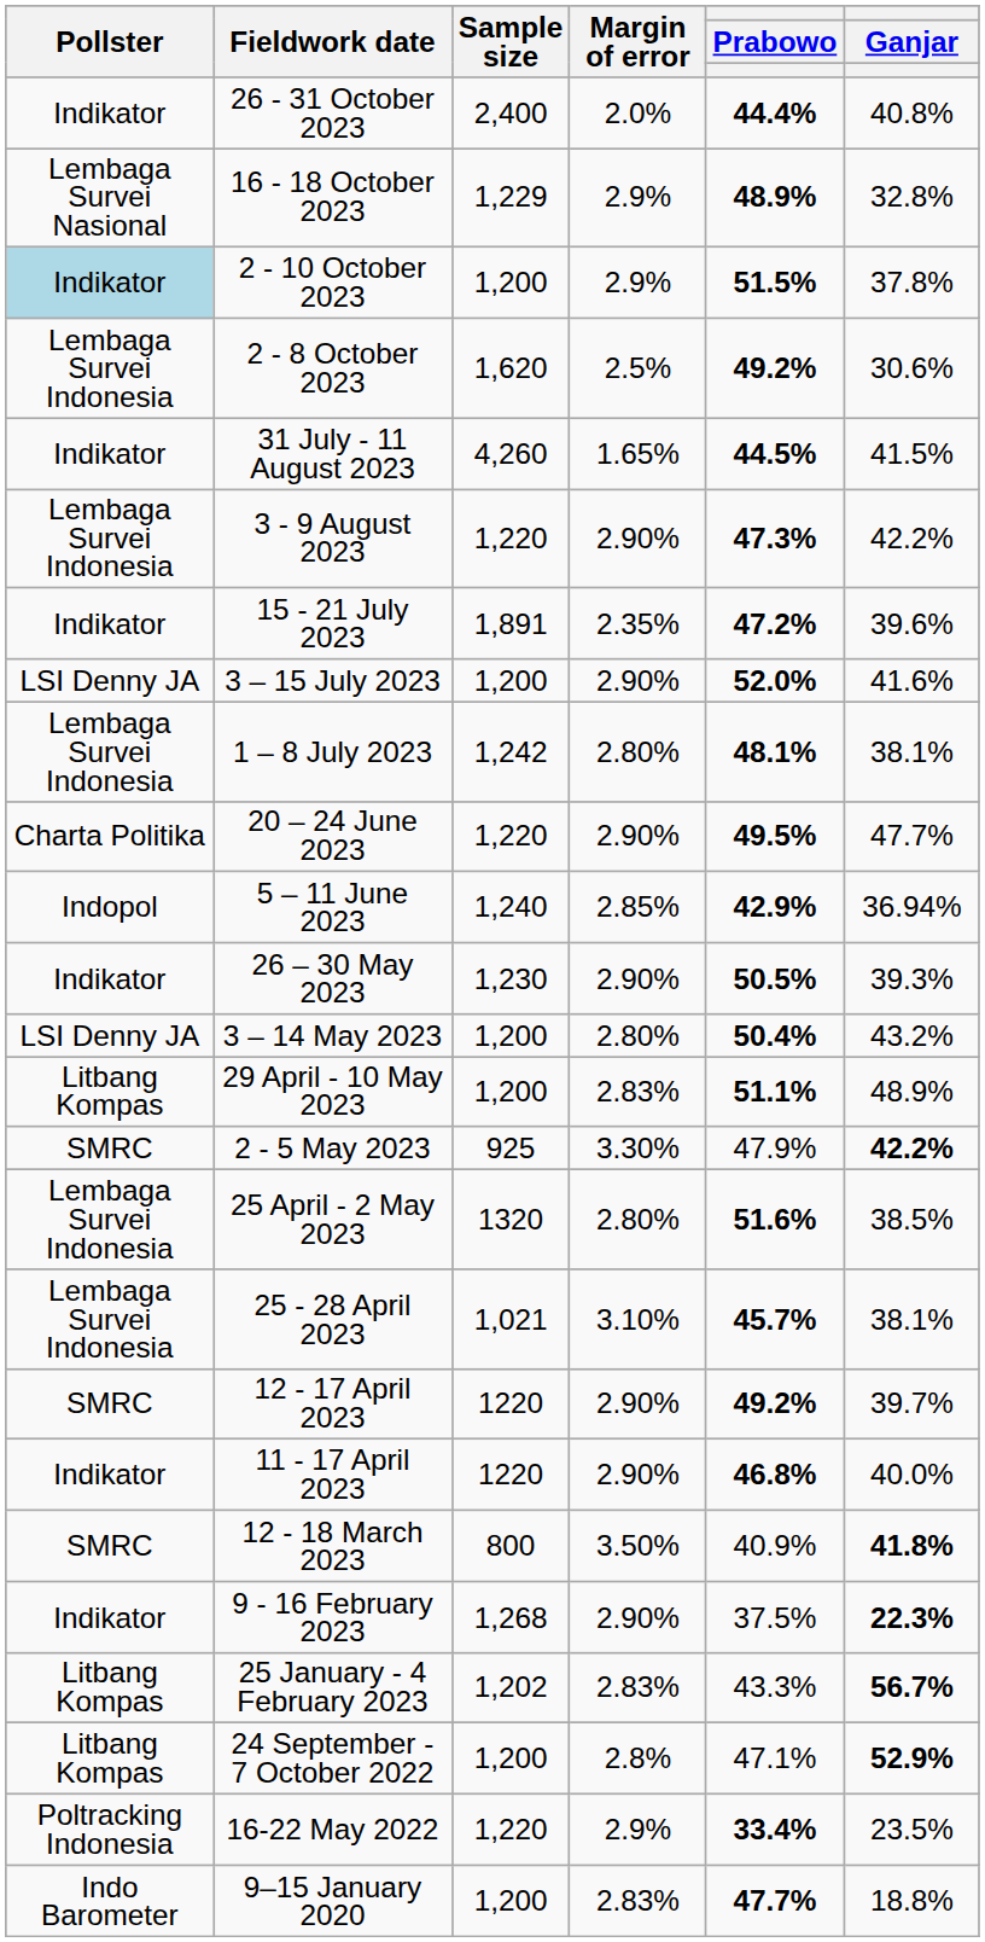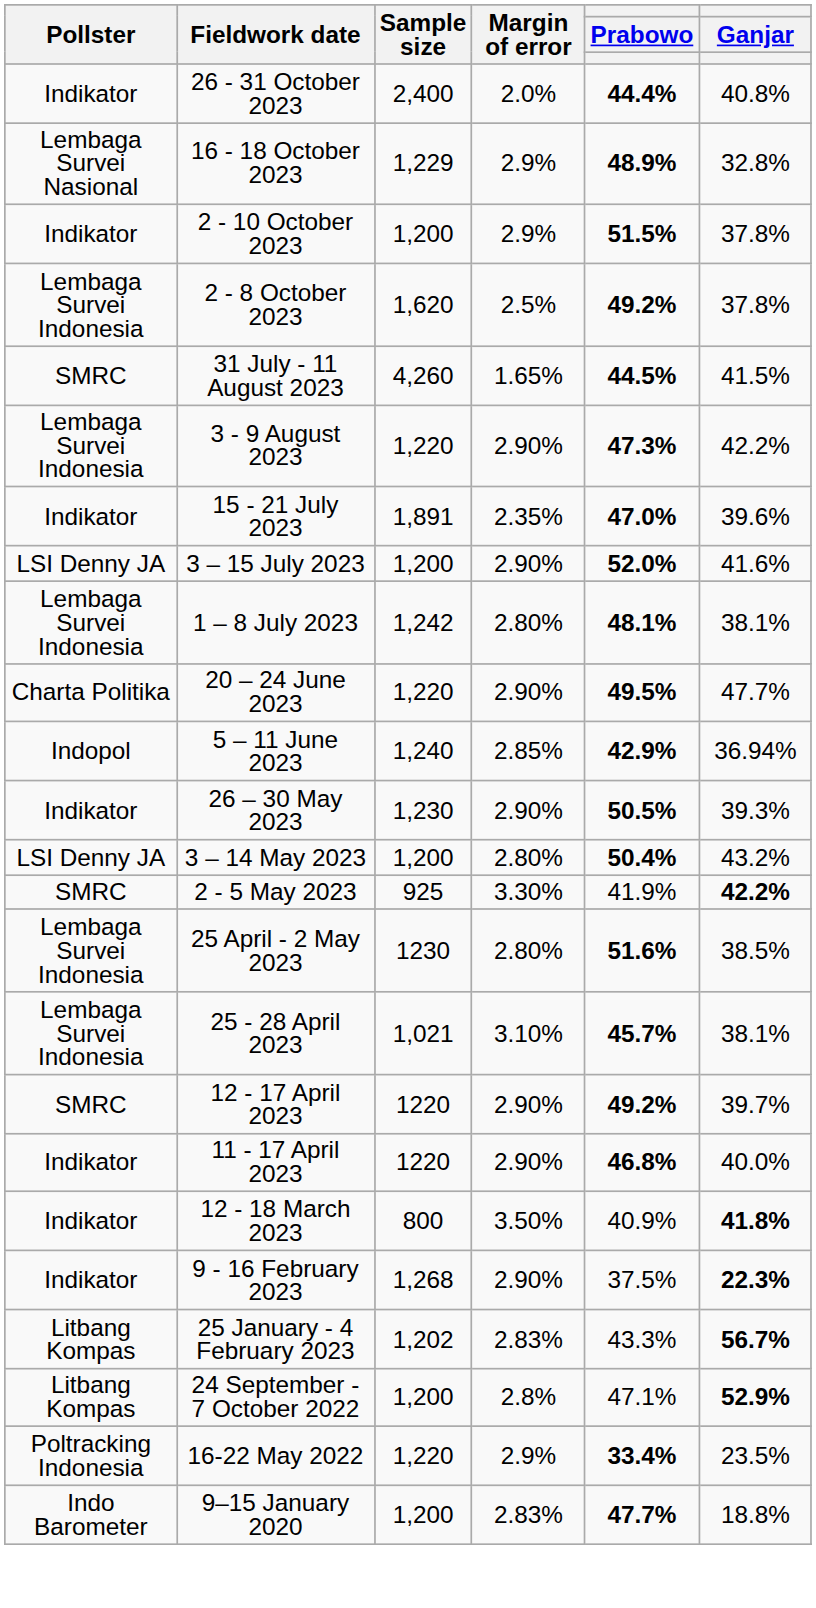 <table class="wikitable" style="text-align:center; font-size:90%; line-height:14px;">
 <tr bgcolor=lightgray>
 <th style="width:95px;" rowspan="3">Pollster</th>
 <th style="width:110px;" rowspan="3">Fieldwork date</th>
 <th style="width:35px;" rowspan="3">Sample size</th>
 <th rowspan="3" style="width:60px;">Margin of error</th>
 <th style="width:60px;"></th>
 <th style="width:60px;"></th>
 </tr>
 <tr>
 <th><a href='#'>Prabowo</a> <br></th>
 <th><a href='#'>Ganjar</a> <br></th>
 </tr>
 <tr>
 <th class="unsortable" style="color:inherit;background:"></th>
 <th class="unsortable" style="color:inherit;background:"></th>
 </tr>
 <tr>
 <td>Indikator</td>
 <td>26 - 31 October 2023</td>
 <td>2,400</td>
 <td>2.0%</td>
 <td style="background-color:#"><strong>44.4%</strong> </td>
 <td>40.8%</td>
 </tr>
 <tr>
 <td>Lembaga Survei Nasional</td>
 <td>16 - 18 October 2023</td>
 <td>1,229</td>
 <td>2.9%</td>
 <td style="background-color:#"><strong>48.9%</strong> </td>
 <td>32.8%</td>
 </tr>
 <tr>
-<td style="background: lightblue;">Indikator</td>
+<td>Indikator</td>
 <td>2 - 10 October 2023</td>
 <td>1,200</td>
 <td>2.9%</td>
 <td style="background-color:#"><strong>51.5%</strong> </td>
 <td>37.8% </td>
 </tr>
 <tr>
 <td>Lembaga Survei Indonesia</td>
 <td>2 - 8 October 2023</td>
 <td>1,620</td>
 <td>2.5%</td>
 <td style="background-color:#"><strong>49.2%</strong></td>
-<td>30.6%</td>
+<td>37.8%</td>
 </tr>
 <tr>
-<td>Indikator</td>
+<td>SMRC</td>
 <td>31 July - 11 August 2023</td>
 <td>4,260</td>
 <td>1.65%</td>
 <td style="background-color:#"><strong>44.5%</strong></td>
 <td>41.5%</td>
 </tr>
 <tr>
 <td>Lembaga Survei Indonesia</td>
 <td>3 - 9 August 2023</td>
 <td>1,220</td>
 <td>2.90%</td>
 <td style="background-color:#"><strong>47.3%</strong></td>
 <td>42.2%</td>
 </tr>
 <tr>
 <td>Indikator</td>
 <td>15 - 21 July 2023</td>
 <td>1,891</td>
 <td>2.35%</td>
-<td style="background-color:#"><strong>47.2%</strong></td>
+<td style="background-color:#"><strong>47.0%</strong></td>
 <td>39.6%</td>
 </tr>
 <tr>
 <td>LSI Denny JA</td>
 <td>3 – 15 July 2023</td>
 <td>1,200</td>
 <td>2.90%</td>
 <td style="background-color:#"><strong>52.0%</strong></td>
 <td>41.6%</td>
 </tr>
 <tr>
 <td>Lembaga Survei Indonesia</td>
 <td>1 – 8 July 2023</td>
 <td>1,242</td>
 <td>2.80%</td>
 <td style="background-color:#"><strong>48.1%</strong></td>
 <td>38.1%</td>
 </tr>
 <tr>
 <td>Charta Politika</td>
 <td>20 – 24 June 2023</td>
 <td>1,220</td>
 <td>2.90%</td>
 <td style="background-color:#"><strong>49.5%</strong></td>
 <td>47.7%</td>
 </tr>
 <tr>
 <td>Indopol</td>
 <td>5 – 11 June 2023</td>
 <td>1,240</td>
 <td>2.85%</td>
 <td style="background-color:#"><strong>42.9%</strong></td>
 <td>36.94%</td>
 </tr>
 <tr>
 <td>Indikator</td>
 <td>26 – 30 May 2023</td>
 <td>1,230</td>
 <td>2.90%</td>
 <td style="background-color:#"><strong>50.5%</strong></td>
 <td>39.3%</td>
 </tr>
 <tr>
 <td>LSI Denny JA</td>
 <td>3 – 14 May 2023</td>
 <td>1,200</td>
 <td>2.80%</td>
 <td style="background-color:#"><strong>50.4%</strong></td>
 <td>43.2%</td>
 </tr>
 <tr>
-<td>Litbang Kompas</td>
-<td>29 April - 10 May 2023</td>
-<td>1,200</td>
-<td>2.83%</td>
-<td style="background-color:#"><strong>51.1%</strong></td>
-<td>48.9%</td>
-</tr>
-<tr>
 <td>SMRC</td>
 <td>2 - 5 May 2023</td>
 <td>925</td>
 <td>3.30%</td>
-<td>47.9%</td>
+<td>41.9%</td>
 <td style="background-color:#"><strong>42.2%</strong></td>
 </tr>
 <tr>
 <td>Lembaga Survei Indonesia</td>
 <td>25 April - 2 May 2023</td>
-<td>1320</td>
+<td>1230</td>
 <td>2.80%</td>
 <td style="background-color:#"><strong>51.6%</strong></td>
 <td>38.5%</td>
 </tr>
 <tr>
 <td>Lembaga Survei Indonesia</td>
 <td>25 - 28 April 2023</td>
 <td>1,021</td>
 <td>3.10%</td>
 <td style="background-color:#"><strong>45.7%</strong></td>
 <td>38.1%</td>
 </tr>
 <tr>
 <td>SMRC</td>
 <td>12 - 17 April 2023</td>
 <td>1220</td>
 <td>2.90%</td>
 <td style="background-color:#"><strong>49.2%</strong></td>
 <td>39.7%</td>
 </tr>
 <tr>
 <td>Indikator</td>
 <td>11 - 17 April 2023</td>
 <td>1220</td>
 <td>2.90%</td>
 <td style="background-color:#"><strong>46.8%</strong></td>
 <td>40.0%</td>
 </tr>
 <tr>
-<td>SMRC</td>
+<td>Indikator</td>
 <td>12 - 18 March 2023</td>
 <td>800</td>
 <td>3.50%</td>
 <td>40.9%</td>
 <td style="background-color:#"><strong>41.8%</strong></td>
 </tr>
 <tr>
 <td>Indikator</td>
 <td>9 - 16 February 2023</td>
 <td>1,268</td>
 <td>2.90%</td>
 <td>37.5%</td>
 <td style="background-color:#"><strong>22.3%</strong></td>
 </tr>
 <tr>
 <td>Litbang Kompas</td>
 <td>25 January - 4 February 2023</td>
 <td>1,202</td>
 <td>2.83%</td>
 <td>43.3%</td>
 <td style="background-color:#"><strong>56.7%</strong></td>
 </tr>
 <tr>
 <td>Litbang Kompas</td>
 <td>24 September - 7 October 2022</td>
 <td>1,200</td>
 <td>2.8%</td>
 <td>47.1%</td>
 <td style="background-color:#"><strong>52.9%</strong></td>
 </tr>
 <tr>
 <td>Poltracking Indonesia</td>
 <td>16-22 May 2022</td>
 <td>1,220</td>
 <td>2.9%</td>
 <td style="background-color:#"><strong>33.4%</strong></td>
 <td>23.5%</td>
 </tr>
 <tr>
 <td>Indo Barometer</td>
 <td>9–15 January 2020</td>
 <td>1,200</td>
 <td>2.83%</td>
 <td style="background-color:#"><strong>47.7%</strong></td>
 <td>18.8%</td>
 </tr>
 <tr>
 </tr>
 </table>
